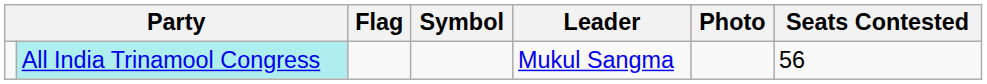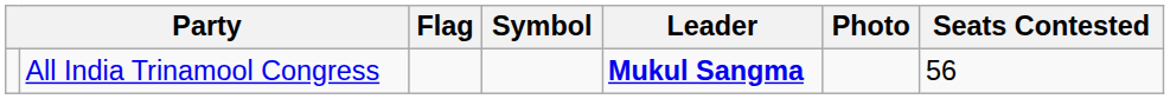 <table class="wikitable"  width="53%">
 <tr>
 <th colspan="2">Party</th>
 <th>Flag</th>
 <th>Symbol</th>
 <th>Leader</th>
 <th>Photo</th>
 <th>Seats Contested</th>
 </tr>
 <tr>
 <td style="text-align:center; background:"></td>
-<td style="background: paleturquoise;"><a href='#'>All India Trinamool Congress</a></td>
+<td><a href='#'>All India Trinamool Congress</a></td>
 <td></td>
 <td></td>
-<td><a href='#'>Mukul Sangma</a></td>
+<td><strong><a href='#'>Mukul Sangma</a></strong></td>
 <td></td>
 <td>56</td>
 </tr>
 </table>
